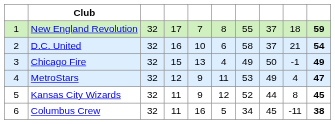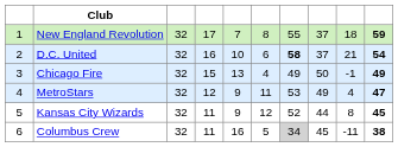 <table class="toccolours" border="1" cellpadding="4" cellspacing="0" style="text-align:center; border-collapse: collapse; margin:0;">
 <tr>
 <th width=30></th>
 <th>Club</th>
 <th width=30></th>
 <th width=30></th>
 <th width=30></th>
 <th width=30></th>
 <th width=30></th>
 <th width=30></th>
 <th width=30></th>
 <th width=30></th>
 </tr>
 <tr bgcolor=#d0f0c0>
 <td>1</td>
 <td align=left><a href='#'>New England Revolution</a></td>
 <td>32</td>
 <td>17</td>
 <td>7</td>
 <td>8</td>
 <td>55</td>
 <td>37</td>
 <td>18</td>
 <td><strong>59</strong></td>
 </tr>
 <tr bgcolor=#ddeeff>
 <td>2</td>
 <td align=left><a href='#'>D.C. United</a></td>
 <td>32</td>
 <td>16</td>
 <td>10</td>
 <td>6</td>
-<td>58</td>
+<td><strong>58</strong></td>
 <td>37</td>
 <td>21</td>
 <td><strong>54</strong></td>
 </tr>
 <tr bgcolor=#ddeeff>
 <td>3</td>
 <td align=left><a href='#'>Chicago Fire</a></td>
 <td>32</td>
 <td>15</td>
 <td>13</td>
 <td>4</td>
 <td>49</td>
 <td>50</td>
 <td>-1</td>
 <td><strong>49</strong></td>
 </tr>
 <tr bgcolor=#ddeeff>
 <td>4</td>
 <td align=left><a href='#'>MetroStars</a></td>
 <td>32</td>
 <td>12</td>
 <td>9</td>
 <td>11</td>
 <td>53</td>
 <td>49</td>
 <td>4</td>
 <td><strong>47</strong></td>
 </tr>
 <tr>
 <td>5</td>
 <td align=left><a href='#'>Kansas City Wizards</a></td>
 <td>32</td>
 <td>11</td>
 <td>9</td>
 <td>12</td>
 <td>52</td>
 <td>44</td>
 <td>8</td>
 <td><strong>45</strong></td>
 </tr>
 <tr>
 <td>6</td>
 <td align=left><a href='#'>Columbus Crew</a></td>
 <td>32</td>
 <td>11</td>
 <td>16</td>
 <td>5</td>
-<td>34</td>
+<td style="background: lightgrey;">34</td>
 <td>45</td>
 <td>-11</td>
 <td><strong>38</strong></td>
 </tr>
 </table>
